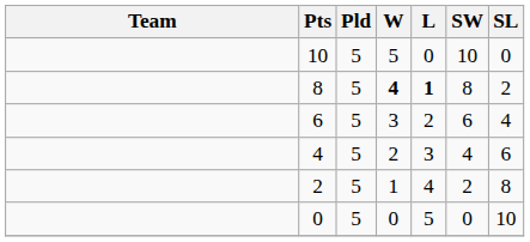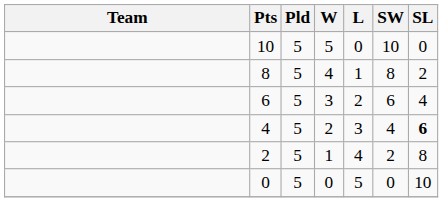 <table class=wikitable style="text-align:center">
 <tr>
 <th width=220>Team</th>
 <th width=20>Pts</th>
 <th width=20>Pld</th>
 <th width=20>W</th>
 <th width=20>L</th>
 <th width=20>SW</th>
 <th width=20>SL</th>
 </tr>
 <tr bgcolor=>
 <td align=left></td>
 <td>10</td>
 <td>5</td>
 <td>5</td>
 <td>0</td>
 <td>10</td>
 <td>0</td>
 </tr>
 <tr bgcolor=>
 <td align=left></td>
 <td>8</td>
 <td>5</td>
-<td><strong>4</strong></td>
-<td><strong>1</strong></td>
+<td>4</td>
+<td>1</td>
 <td>8</td>
 <td>2</td>
 </tr>
 <tr bgcolor=>
 <td align=left></td>
 <td>6</td>
 <td>5</td>
 <td>3</td>
 <td>2</td>
 <td>6</td>
 <td>4</td>
 </tr>
 <tr bgcolor=>
 <td align=left></td>
 <td>4</td>
 <td>5</td>
 <td>2</td>
 <td>3</td>
 <td>4</td>
-<td>6</td>
+<td><strong>6</strong></td>
 </tr>
 <tr bgcolor=>
 <td align=left></td>
 <td>2</td>
 <td>5</td>
 <td>1</td>
 <td>4</td>
 <td>2</td>
 <td>8</td>
 </tr>
 <tr bgcolor=>
 <td align=left></td>
 <td>0</td>
 <td>5</td>
 <td>0</td>
 <td>5</td>
 <td>0</td>
 <td>10</td>
 </tr>
 <tr>
 </tr>
 </table>
